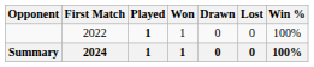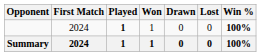 <table class="wikitable sortable" style="text-align:center;">
 <tr>
 <th>Opponent</th>
 <th>First Match</th>
 <th>Played</th>
 <th>Won</th>
 <th>Drawn</th>
 <th>Lost</th>
 <th>Win %</th>
 </tr>
 <tr>
 <td style="text-align: left;"></td>
-<td>2022</td>
+<td>2024</td>
 <td><strong>1</strong></td>
 <td>1</td>
 <td>0</td>
 <td>0</td>
-<td>100%</td>
+<td><strong>100%</strong></td>
 </tr>
 <tr>
 <th>Summary</th>
 <th>2024</th>
 <th>1</th>
 <th>1</th>
 <th>0</th>
 <th>0</th>
 <th>100%</th>
 </tr>
 </table>
